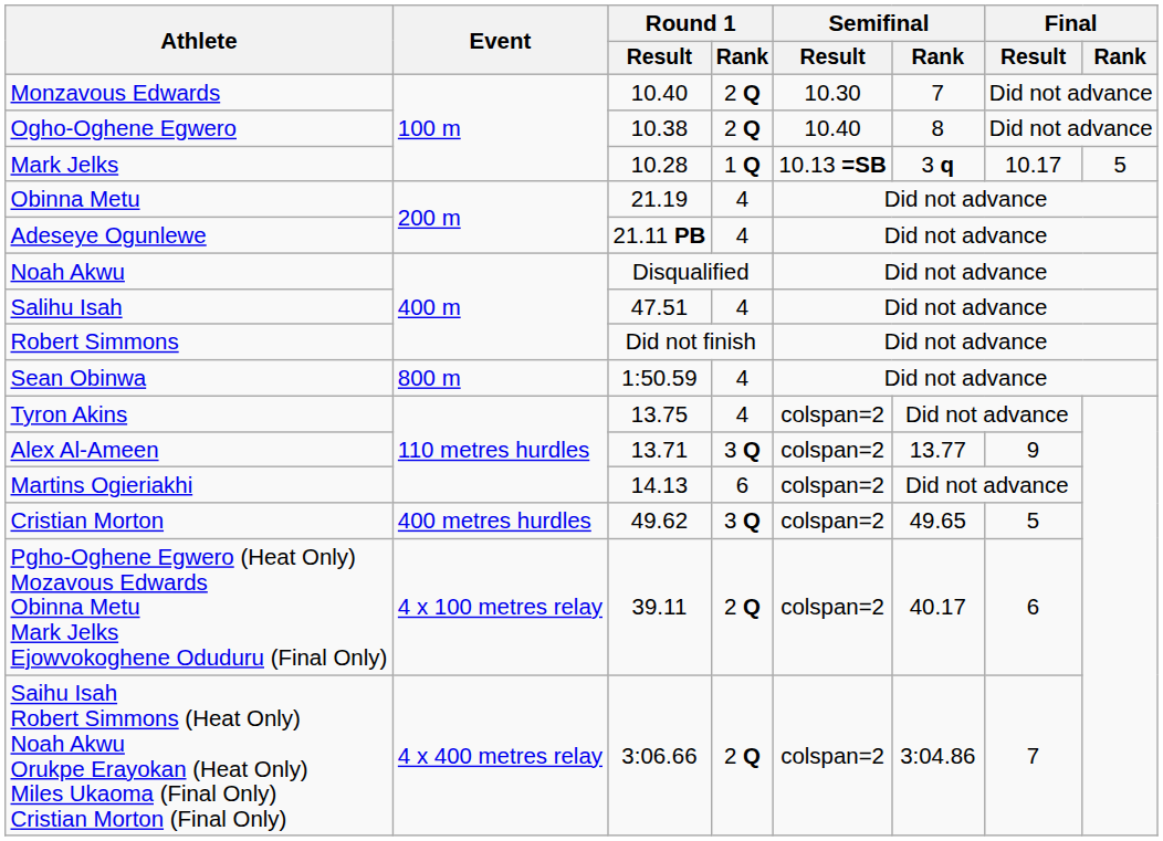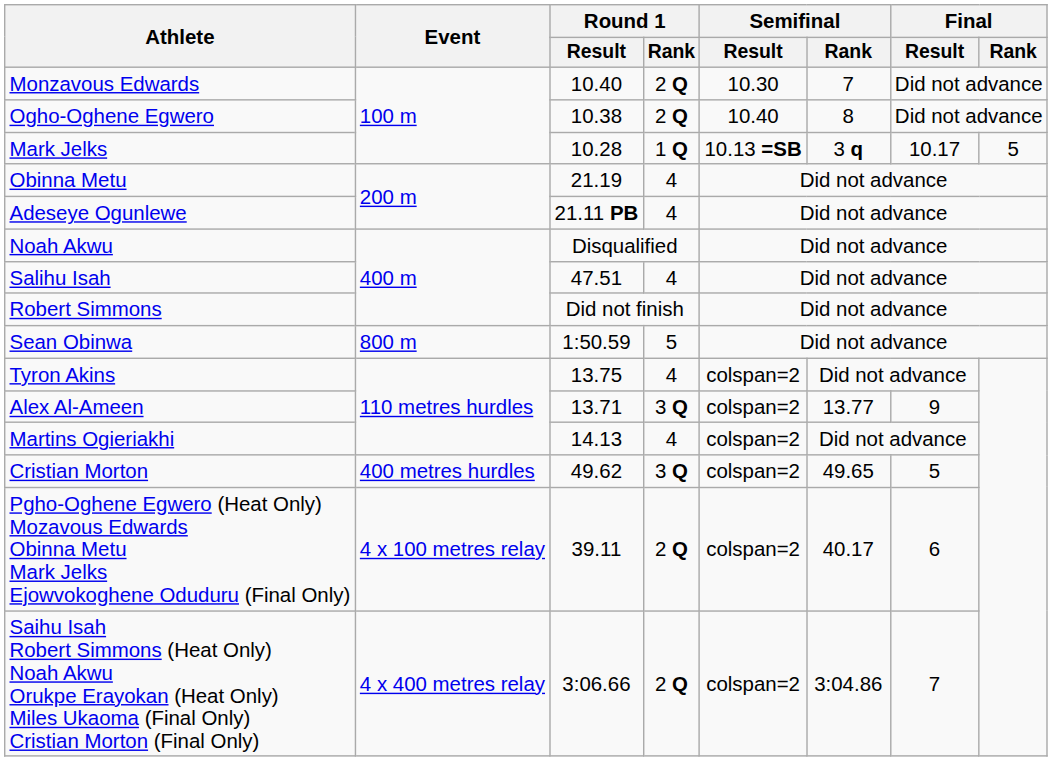 <table class=wikitable style="font-size:90%">
 <tr>
 <th rowspan="2">Athlete</th>
 <th rowspan="2">Event</th>
 <th colspan="2">Round 1</th>
 <th colspan="2">Semifinal</th>
 <th colspan="2">Final</th>
 </tr>
 <tr style="font-size:95%">
 <th>Result</th>
 <th>Rank</th>
 <th>Result</th>
 <th>Rank</th>
 <th>Result</th>
 <th>Rank</th>
 </tr>
 <tr align=center>
 <td align=left><a href='#'>Monzavous Edwards</a></td>
 <td style="text-align:left;" rowspan="3"><a href='#'>100 m</a></td>
 <td>10.40</td>
 <td>2 <strong>Q</strong></td>
 <td>10.30</td>
 <td>7</td>
 <td colspan="2">Did not advance</td>
 </tr>
 <tr align=center>
 <td align=left><a href='#'>Ogho-Oghene Egwero</a></td>
 <td>10.38</td>
 <td>2 <strong>Q</strong></td>
 <td>10.40</td>
 <td>8</td>
 <td colspan="2">Did not advance</td>
 </tr>
 <tr align=center>
 <td align=left><a href='#'>Mark Jelks</a></td>
 <td>10.28</td>
 <td>1 <strong>Q</strong></td>
 <td>10.13 <strong>=SB</strong></td>
 <td>3 <strong>q</strong></td>
 <td>10.17</td>
 <td>5</td>
 </tr>
 <tr align=center>
 <td align=left><a href='#'>Obinna Metu</a></td>
 <td style="text-align:left;" rowspan="2"><a href='#'>200 m</a></td>
 <td>21.19</td>
 <td>4</td>
 <td colspan="4">Did not advance</td>
 </tr>
 <tr align=center>
 <td align=left><a href='#'>Adeseye Ogunlewe</a></td>
 <td>21.11 <strong>PB</strong></td>
 <td>4</td>
 <td colspan="4">Did not advance</td>
 </tr>
 <tr align=center>
 <td align=left><a href='#'>Noah Akwu</a></td>
 <td style="text-align:left;" rowspan="3"><a href='#'>400 m</a></td>
 <td colspan=2>Disqualified</td>
 <td colspan="4">Did not advance</td>
 </tr>
 <tr align=center>
 <td align=left><a href='#'>Salihu Isah</a></td>
 <td>47.51</td>
 <td>4</td>
 <td colspan="4">Did not advance</td>
 </tr>
 <tr align=center>
 <td align=left><a href='#'>Robert Simmons</a></td>
 <td colspan=2>Did not finish</td>
 <td colspan="4">Did not advance</td>
 </tr>
 <tr align=center>
 <td align=left><a href='#'>Sean Obinwa</a></td>
 <td align=left><a href='#'>800 m</a></td>
 <td>1:50.59</td>
-<td>4</td>
+<td>5</td>
 <td colspan="4">Did not advance</td>
 </tr>
 <tr align=center>
 <td align=left><a href='#'>Tyron Akins</a></td>
 <td style="text-align:left;" rowspan="3"><a href='#'>110 metres hurdles</a></td>
 <td>13.75</td>
 <td>4</td>
 <td>colspan=2 </td>
 <td colspan="2">Did not advance</td>
 </tr>
 <tr align=center>
 <td align=left><a href='#'>Alex Al-Ameen</a></td>
 <td>13.71</td>
 <td>3 <strong>Q</strong></td>
 <td>colspan=2 </td>
 <td>13.77</td>
 <td>9</td>
 </tr>
 <tr align=center>
 <td align=left><a href='#'>Martins Ogieriakhi</a></td>
 <td>14.13</td>
-<td>6</td>
+<td>4</td>
 <td>colspan=2 </td>
 <td colspan="2">Did not advance</td>
 </tr>
 <tr align=center>
 <td align=left><a href='#'>Cristian Morton</a></td>
 <td align=left><a href='#'>400 metres hurdles</a></td>
 <td>49.62</td>
 <td>3 <strong>Q</strong></td>
 <td>colspan=2 </td>
 <td>49.65</td>
 <td>5</td>
 </tr>
 <tr align=center>
 <td align=left><a href='#'>Pgho-Oghene Egwero</a> (Heat Only)<br><a href='#'>Mozavous Edwards</a><br><a href='#'>Obinna Metu</a><br><a href='#'>Mark Jelks</a><br><a href='#'>Ejowvokoghene Oduduru</a> (Final Only)</td>
 <td align=left><a href='#'>4 x 100 metres relay</a></td>
 <td>39.11</td>
 <td>2 <strong>Q</strong></td>
 <td>colspan=2 </td>
 <td>40.17</td>
 <td>6</td>
 </tr>
 <tr align=center>
 <td align=left><a href='#'>Saihu Isah</a><br><a href='#'>Robert Simmons</a> (Heat Only) <br><a href='#'>Noah Akwu</a><br><a href='#'>Orukpe Erayokan</a> (Heat Only)<br><a href='#'>Miles Ukaoma</a> (Final Only)<br><a href='#'>Cristian Morton</a> (Final Only)</td>
 <td align=left><a href='#'>4 x 400 metres relay</a></td>
 <td>3:06.66</td>
 <td>2 <strong>Q</strong></td>
 <td>colspan=2 </td>
 <td>3:04.86</td>
 <td>7</td>
 </tr>
 </table>
